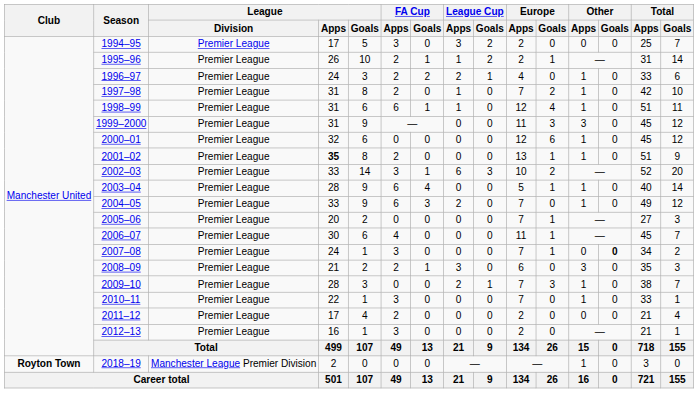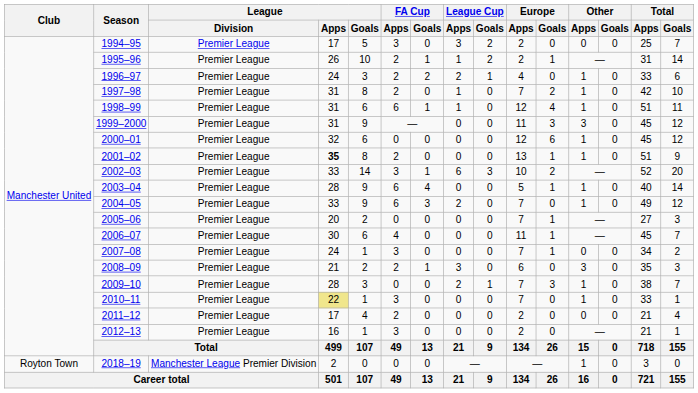 <table class="wikitable" style="text-align: center;">
 <tr>
 <th rowspan="2">Club</th>
 <th rowspan="2">Season</th>
 <th colspan="3">League</th>
 <th colspan="2"><a href='#'>FA Cup</a></th>
 <th colspan="2"><a href='#'>League Cup</a></th>
 <th colspan="2">Europe</th>
 <th colspan="2">Other</th>
 <th colspan="2">Total</th>
 </tr>
 <tr>
 <th>Division</th>
 <th>Apps</th>
 <th>Goals</th>
 <th>Apps</th>
 <th>Goals</th>
 <th>Apps</th>
 <th>Goals</th>
 <th>Apps</th>
 <th>Goals</th>
 <th>Apps</th>
 <th>Goals</th>
 <th>Apps</th>
 <th>Goals</th>
 </tr>
 <tr>
 <td rowspan="20"><a href='#'>Manchester United</a></td>
 <td><a href='#'>1994–95</a></td>
 <td><a href='#'>Premier League</a></td>
 <td>17</td>
 <td>5</td>
 <td>3</td>
 <td>0</td>
 <td>3</td>
 <td>2</td>
 <td>2</td>
 <td>0</td>
 <td>0</td>
 <td>0</td>
 <td>25</td>
 <td>7</td>
 </tr>
 <tr>
 <td><a href='#'>1995–96</a></td>
 <td>Premier League</td>
 <td>26</td>
 <td>10</td>
 <td>2</td>
 <td>1</td>
 <td>1</td>
 <td>2</td>
 <td>2</td>
 <td>1</td>
 <td colspan="2">—</td>
 <td>31</td>
 <td>14</td>
 </tr>
 <tr>
 <td><a href='#'>1996–97</a></td>
 <td>Premier League</td>
 <td>24</td>
 <td>3</td>
 <td>2</td>
 <td>2</td>
 <td>2</td>
 <td>1</td>
 <td>4</td>
 <td>0</td>
 <td>1</td>
 <td>0</td>
 <td>33</td>
 <td>6</td>
 </tr>
 <tr>
 <td><a href='#'>1997–98</a></td>
 <td>Premier League</td>
 <td>31</td>
 <td>8</td>
 <td>2</td>
 <td>0</td>
 <td>1</td>
 <td>0</td>
 <td>7</td>
 <td>2</td>
 <td>1</td>
 <td>0</td>
 <td>42</td>
 <td>10</td>
 </tr>
 <tr>
 <td><a href='#'>1998–99</a></td>
 <td>Premier League</td>
 <td>31</td>
 <td>6</td>
 <td>6</td>
 <td>1</td>
 <td>1</td>
 <td>0</td>
 <td>12</td>
 <td>4</td>
 <td>1</td>
 <td>0</td>
 <td>51</td>
 <td>11</td>
 </tr>
 <tr>
 <td><a href='#'>1999–2000</a></td>
 <td>Premier League</td>
 <td>31</td>
 <td>9</td>
 <td colspan="2">—</td>
 <td>0</td>
 <td>0</td>
 <td>11</td>
 <td>3</td>
 <td>3</td>
 <td>0</td>
 <td>45</td>
 <td>12</td>
 </tr>
 <tr>
 <td><a href='#'>2000–01</a></td>
 <td>Premier League</td>
 <td>32</td>
 <td>6</td>
 <td>0</td>
 <td>0</td>
 <td>0</td>
 <td>0</td>
 <td>12</td>
 <td>6</td>
 <td>1</td>
 <td>0</td>
 <td>45</td>
 <td>12</td>
 </tr>
 <tr>
 <td><a href='#'>2001–02</a></td>
 <td>Premier League</td>
 <td><strong>35</strong></td>
 <td>8</td>
 <td>2</td>
 <td>0</td>
 <td>0</td>
 <td>0</td>
 <td>13</td>
 <td>1</td>
 <td>1</td>
 <td>0</td>
 <td>51</td>
 <td>9</td>
 </tr>
 <tr>
 <td><a href='#'>2002–03</a></td>
 <td>Premier League</td>
 <td>33</td>
 <td>14</td>
 <td>3</td>
 <td>1</td>
 <td>6</td>
 <td>3</td>
 <td>10</td>
 <td>2</td>
 <td colspan="2">—</td>
 <td>52</td>
 <td>20</td>
 </tr>
 <tr>
 <td><a href='#'>2003–04</a></td>
 <td>Premier League</td>
 <td>28</td>
 <td>9</td>
 <td>6</td>
 <td>4</td>
 <td>0</td>
 <td>0</td>
 <td>5</td>
 <td>1</td>
 <td>1</td>
 <td>0</td>
 <td>40</td>
 <td>14</td>
 </tr>
 <tr>
 <td><a href='#'>2004–05</a></td>
 <td>Premier League</td>
 <td>33</td>
 <td>9</td>
 <td>6</td>
 <td>3</td>
 <td>2</td>
 <td>0</td>
 <td>7</td>
 <td>0</td>
 <td>1</td>
 <td>0</td>
 <td>49</td>
 <td>12</td>
 </tr>
 <tr>
 <td><a href='#'>2005–06</a></td>
 <td>Premier League</td>
 <td>20</td>
 <td>2</td>
 <td>0</td>
 <td>0</td>
 <td>0</td>
 <td>0</td>
 <td>7</td>
 <td>1</td>
 <td colspan="2">—</td>
 <td>27</td>
 <td>3</td>
 </tr>
 <tr>
 <td><a href='#'>2006–07</a></td>
 <td>Premier League</td>
 <td>30</td>
 <td>6</td>
 <td>4</td>
 <td>0</td>
 <td>0</td>
 <td>0</td>
 <td>11</td>
 <td>1</td>
 <td colspan="2">—</td>
 <td>45</td>
 <td>7</td>
 </tr>
 <tr>
 <td><a href='#'>2007–08</a></td>
 <td>Premier League</td>
 <td>24</td>
 <td>1</td>
 <td>3</td>
 <td>0</td>
 <td>0</td>
 <td>0</td>
 <td>7</td>
 <td>1</td>
 <td>0</td>
-<td><strong>0</strong></td>
+<td>0</td>
 <td>34</td>
 <td>2</td>
 </tr>
 <tr>
 <td><a href='#'>2008–09</a></td>
 <td>Premier League</td>
 <td>21</td>
 <td>2</td>
 <td>2</td>
 <td>1</td>
 <td>3</td>
 <td>0</td>
 <td>6</td>
 <td>0</td>
 <td>3</td>
 <td>0</td>
 <td>35</td>
 <td>3</td>
 </tr>
 <tr>
 <td><a href='#'>2009–10</a></td>
 <td>Premier League</td>
 <td>28</td>
 <td>3</td>
 <td>0</td>
 <td>0</td>
 <td>2</td>
 <td>1</td>
 <td>7</td>
 <td>3</td>
 <td>1</td>
 <td>0</td>
 <td>38</td>
 <td>7</td>
 </tr>
 <tr>
 <td><a href='#'>2010–11</a></td>
 <td>Premier League</td>
-<td>22</td>
+<td style="background: khaki;">22</td>
 <td>1</td>
 <td>3</td>
 <td>0</td>
 <td>0</td>
 <td>0</td>
 <td>7</td>
 <td>0</td>
 <td>1</td>
 <td>0</td>
 <td>33</td>
 <td>1</td>
 </tr>
 <tr>
 <td><a href='#'>2011–12</a></td>
 <td>Premier League</td>
 <td>17</td>
 <td>4</td>
 <td>2</td>
 <td>0</td>
 <td>0</td>
 <td>0</td>
 <td>2</td>
 <td>0</td>
 <td>0</td>
 <td>0</td>
 <td>21</td>
 <td>4</td>
 </tr>
 <tr>
 <td><a href='#'>2012–13</a></td>
 <td>Premier League</td>
 <td>16</td>
 <td>1</td>
 <td>3</td>
 <td>0</td>
 <td>0</td>
 <td>0</td>
 <td>2</td>
 <td>0</td>
 <td colspan="2">—</td>
 <td>21</td>
 <td>1</td>
 </tr>
 <tr>
 <th colspan="2">Total</th>
 <th>499</th>
 <th>107</th>
 <th>49</th>
 <th>13</th>
 <th>21</th>
 <th>9</th>
 <th>134</th>
 <th>26</th>
 <th>15</th>
 <th>0</th>
 <th>718</th>
 <th>155</th>
 </tr>
 <tr>
-<td><strong>Royton Town</strong></td>
+<td>Royton Town</td>
 <td><a href='#'>2018–19</a></td>
 <td><a href='#'>Manchester League</a> Premier Division</td>
 <td>2</td>
 <td>0</td>
 <td>0</td>
 <td>0</td>
 <td colspan="2">—</td>
 <td colspan="2">—</td>
 <td>1</td>
 <td>0</td>
 <td>3</td>
 <td>0</td>
 </tr>
 <tr>
 <th colspan="3">Career total</th>
 <th>501</th>
 <th>107</th>
 <th>49</th>
 <th>13</th>
 <th>21</th>
 <th>9</th>
 <th>134</th>
 <th>26</th>
 <th>16</th>
 <th>0</th>
 <th>721</th>
 <th>155</th>
 </tr>
 </table>
